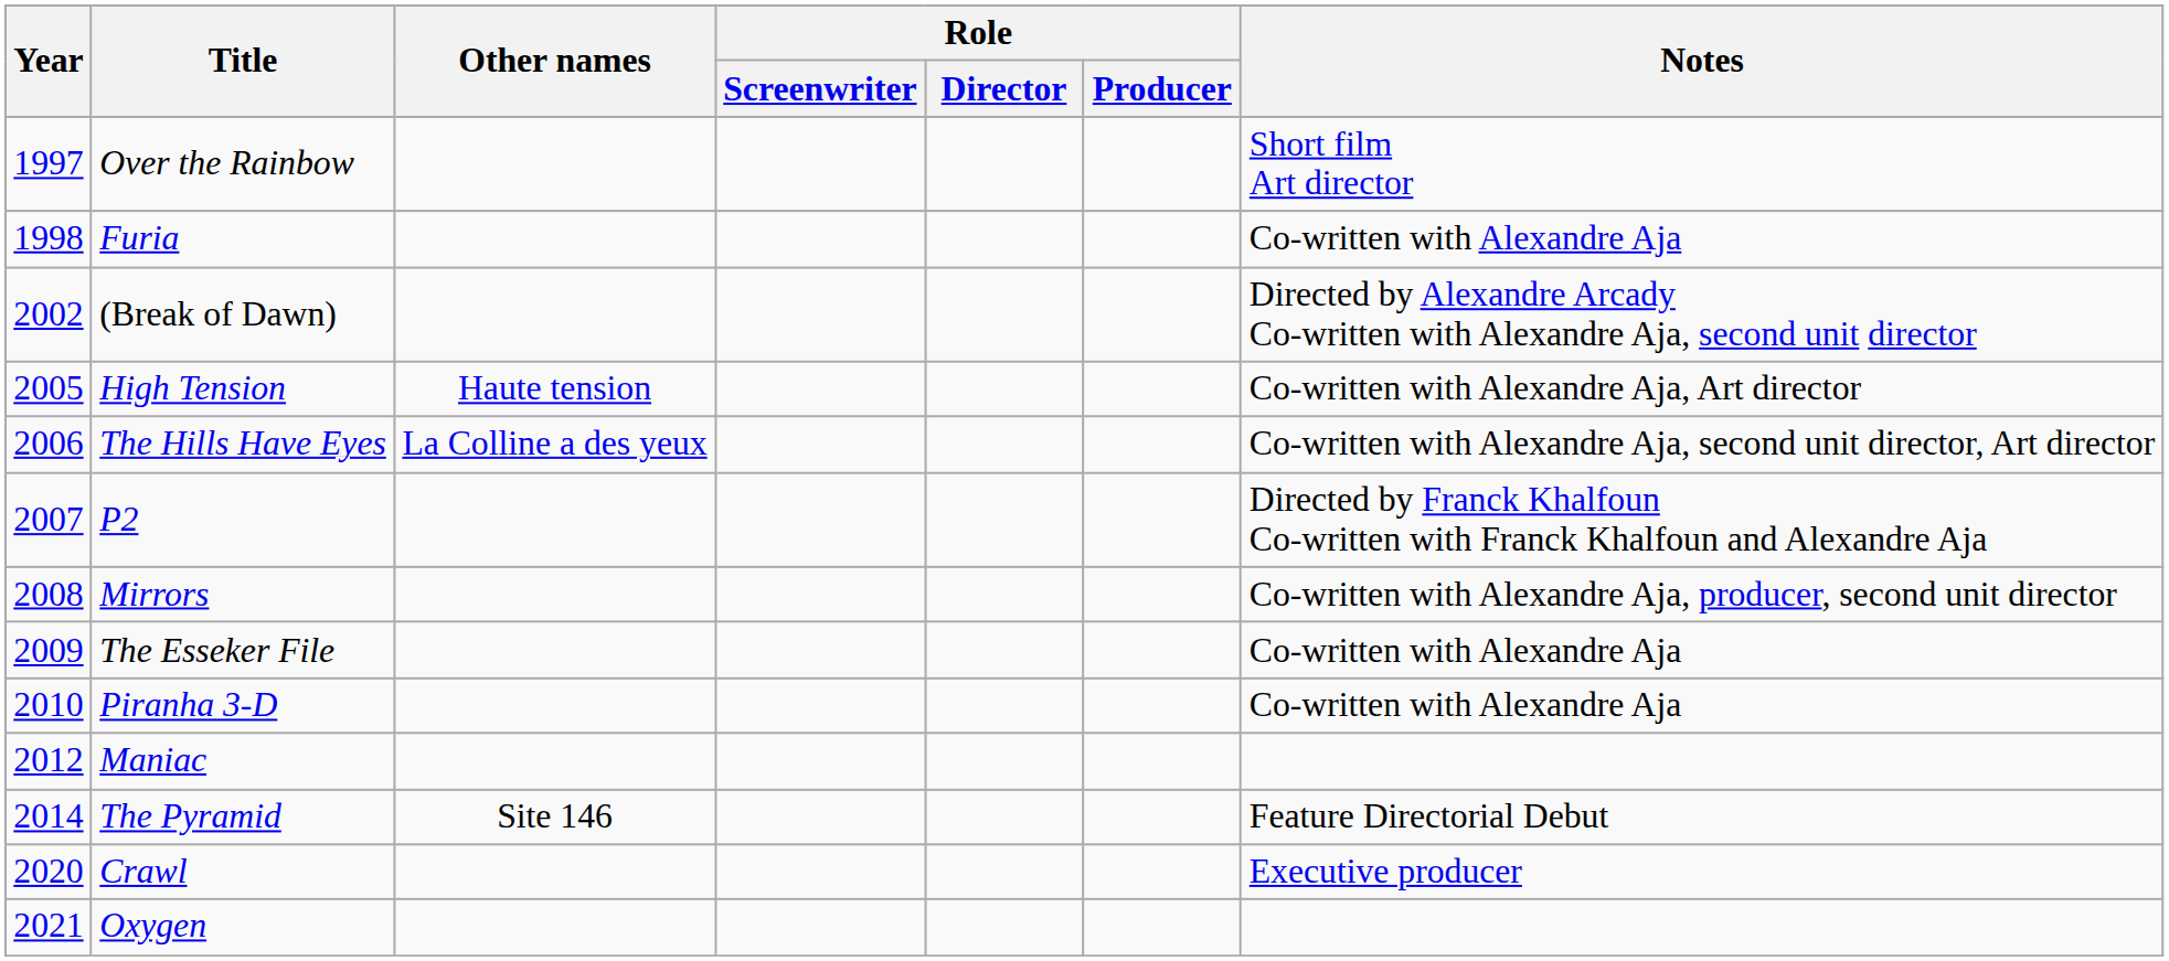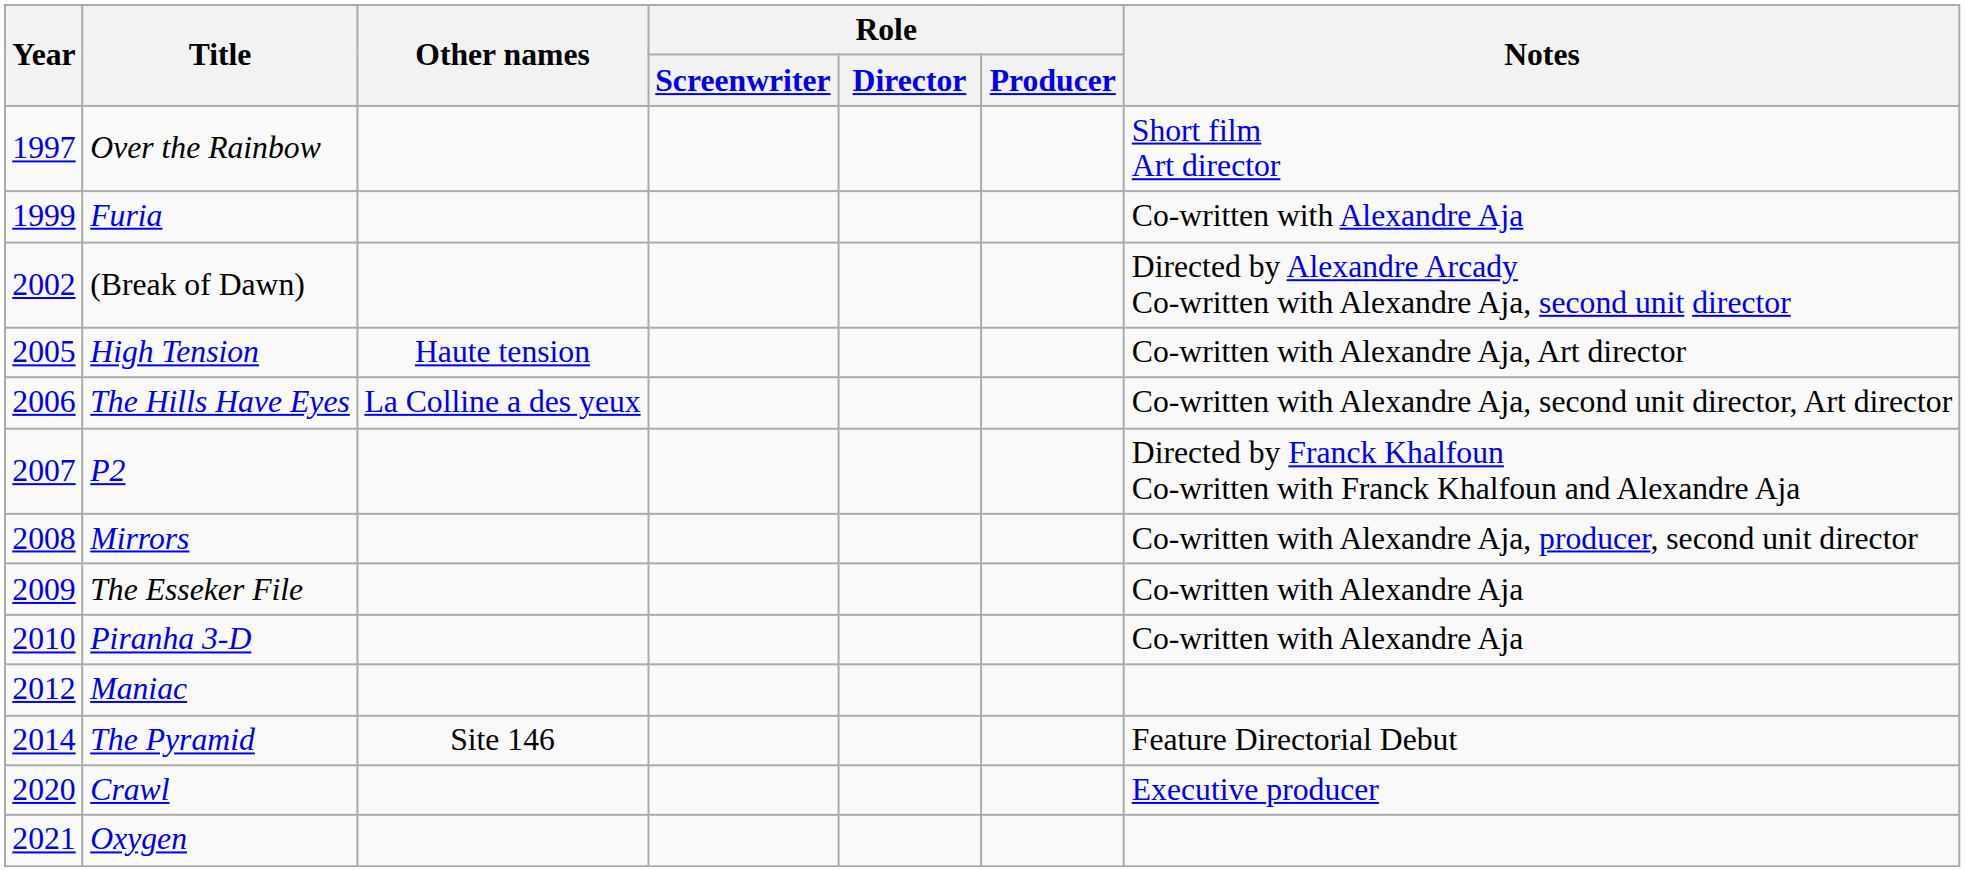 <table class="wikitable">
 <tr>
 <th rowspan="2">Year</th>
 <th rowspan="2">Title</th>
 <th rowspan="2">Other names</th>
 <th colspan="3">Role</th>
 <th rowspan="2">Notes</th>
 </tr>
 <tr>
 <th width=65><a href='#'>Screenwriter</a></th>
 <th width=65><a href='#'>Director</a></th>
 <th width=65><a href='#'>Producer</a></th>
 </tr>
 <tr align="center">
 <td align="center"><a href='#'>1997</a></td>
 <td align="left"><em>Over the Rainbow</em></td>
 <td></td>
 <td></td>
 <td></td>
 <td></td>
 <td align="left"><a href='#'>Short film</a><br><a href='#'>Art director</a></td>
 </tr>
 <tr align="center">
-<td align="center"><a href='#'>1998</a></td>
+<td align="center"><a href='#'>1999</a></td>
 <td align="left"><em><a href='#'>Furia</a></em></td>
 <td></td>
 <td></td>
 <td></td>
 <td></td>
 <td align="left">Co-written with <a href='#'>Alexandre Aja</a></td>
 </tr>
 <tr align="center">
 <td align="center"><a href='#'>2002</a></td>
 <td align="left"><em></em> (Break of Dawn)</td>
 <td></td>
 <td></td>
 <td></td>
 <td></td>
 <td align="left">Directed by <a href='#'>Alexandre Arcady</a><br>Co-written with Alexandre Aja, <a href='#'>second unit</a> <a href='#'>director</a></td>
 </tr>
 <tr align="center">
 <td align="center"><a href='#'>2005</a></td>
 <td align="left"><em><a href='#'>High Tension</a></em></td>
 <td><a href='#'>Haute tension</a></td>
 <td></td>
 <td></td>
 <td></td>
 <td align="left">Co-written with Alexandre Aja, Art director</td>
 </tr>
 <tr align="center">
 <td align="center"><a href='#'>2006</a></td>
 <td align="left"><em><a href='#'>The Hills Have Eyes</a></em></td>
 <td><a href='#'>La Colline a des yeux</a></td>
 <td></td>
 <td></td>
 <td></td>
 <td align="left">Co-written with Alexandre Aja, second unit director, Art director</td>
 </tr>
 <tr align="center">
 <td align="center"><a href='#'>2007</a></td>
 <td align="left"><em><a href='#'>P2</a></em></td>
 <td></td>
 <td></td>
 <td></td>
 <td></td>
 <td align="left">Directed by <a href='#'>Franck Khalfoun</a><br>Co-written with Franck Khalfoun and Alexandre Aja</td>
 </tr>
 <tr align="center">
 <td align="center"><a href='#'>2008</a></td>
 <td align="left"><em><a href='#'>Mirrors</a></em></td>
 <td></td>
 <td></td>
 <td></td>
 <td></td>
 <td align="left">Co-written with Alexandre Aja, <a href='#'>producer</a>, second unit director</td>
 </tr>
 <tr align="center">
 <td align="center"><a href='#'>2009</a></td>
 <td align="left"><em>The Esseker File</em></td>
 <td></td>
 <td></td>
 <td></td>
 <td></td>
 <td align="left">Co-written with Alexandre Aja</td>
 </tr>
 <tr align="center">
 <td align="center"><a href='#'>2010</a></td>
 <td align="left"><em><a href='#'>Piranha 3-D</a></em></td>
 <td></td>
 <td></td>
 <td></td>
 <td></td>
 <td align="left">Co-written with Alexandre Aja</td>
 </tr>
 <tr align="center">
 <td align="center"><a href='#'>2012</a></td>
 <td align="left"><em><a href='#'>Maniac</a></em></td>
 <td></td>
 <td></td>
 <td></td>
 <td></td>
 <td align="left"></td>
 </tr>
 <tr align="center">
 <td align="center"><a href='#'>2014</a></td>
 <td align="left"><a href='#'><em>The Pyramid</em></a></td>
 <td>Site 146</td>
 <td></td>
 <td></td>
 <td></td>
 <td align="left">Feature Directorial Debut</td>
 </tr>
 <tr align="center">
 <td align="center"><a href='#'>2020</a></td>
 <td align="left"><em><a href='#'>Crawl</a></em></td>
 <td></td>
 <td></td>
 <td></td>
 <td></td>
 <td align="left"><a href='#'>Executive producer</a></td>
 </tr>
 <tr align="center">
 <td align="center"><a href='#'>2021</a></td>
 <td align="left"><em><a href='#'>Oxygen</a></em></td>
 <td></td>
 <td></td>
 <td></td>
 <td></td>
 <td align="left"></td>
 </tr>
 </table>
